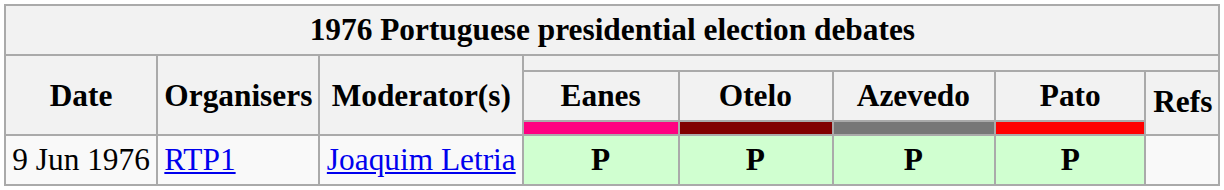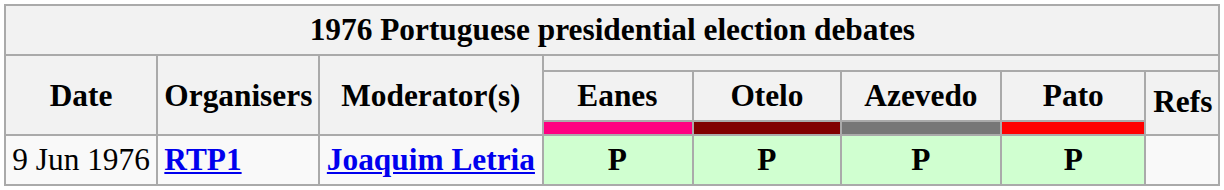 <table class="wikitable" style="font-size:98%; text-align:center;">
 <tr>
 <th colspan="21">1976 Portuguese presidential election debates</th>
 </tr>
 <tr>
 <th rowspan="3">Date</th>
 <th rowspan="3">Organisers</th>
 <th rowspan="3">Moderator(s)</th>
 <th colspan="18">      </th>
 </tr>
 <tr>
 <th scope="col" style="width:5em;">Eanes</th>
 <th scope="col" style="width:5em;">Otelo</th>
 <th scope="col" style="width:5em;">Azevedo</th>
 <th scope="col" style="width:5em;">Pato</th>
 <th rowspan="2">Refs</th>
 </tr>
 <tr>
 <th style="background:#ff0081;"></th>
 <th style="background:#810000;"></th>
 <th style="background:#777777;"></th>
 <th style="background:red;"></th>
 </tr>
 <tr>
 <td style="white-space:nowrap; text-align:left;">9 Jun 1976</td>
-<td style="white-space:nowrap; text-align:left;"><a href='#'>RTP1</a></td>
-<td style="white-space:nowrap; text-align:left;"><a href='#'>Joaquim Letria</a></td>
+<td style="white-space:nowrap; text-align:left;"><strong><a href='#'>RTP1</a></strong></td>
+<td style="white-space:nowrap; text-align:left;"><strong><a href='#'>Joaquim Letria</a></strong></td>
 <td style="background:#D0FFD0;"><strong>P</strong></td>
 <td style="background:#D0FFD0;"><strong>P</strong></td>
 <td style="background:#D0FFD0;"><strong>P</strong></td>
 <td style="background:#D0FFD0;"><strong>P</strong></td>
 <td></td>
 </tr>
 </table>
